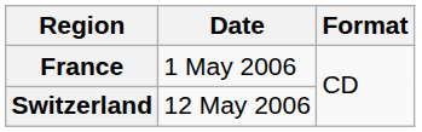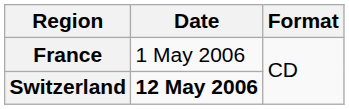 <table class="wikitable plainrowheaders">
 <tr>
 <th scope="col">Region</th>
 <th scope="col">Date</th>
 <th scope="col">Format</th>
 </tr>
 <tr>
 <th scope="row">France</th>
 <td>1 May 2006</td>
 <td rowspan="2">CD</td>
 </tr>
 <tr>
 <th scope="row">Switzerland</th>
-<td>12 May 2006</td>
+<td><strong>12 May 2006</strong></td>
 </tr>
 </table>
